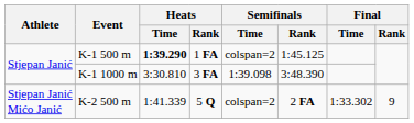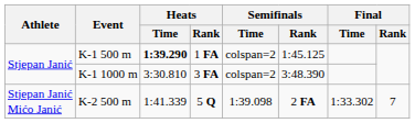 <table class=wikitable style="font-size:90%;">
 <tr>
 <th rowspan=2>Athlete</th>
 <th rowspan=2>Event</th>
 <th colspan=2>Heats</th>
 <th colspan=2>Semifinals</th>
 <th colspan=2>Final</th>
 </tr>
 <tr style="font-size:95%">
 <th>Time</th>
 <th>Rank</th>
 <th>Time</th>
 <th>Rank</th>
 <th>Time</th>
 <th>Rank</th>
 </tr>
 <tr align=center>
 <td align=left rowspan=2><a href='#'>Stjepan Janić</a></td>
 <td align=left>K-1 500 m</td>
 <td><strong>1:39.290</strong></td>
 <td>1 <strong>FA</strong></td>
 <td>colspan=2 </td>
 <td>1:45.125</td>
 <td></td>
 </tr>
 <tr align=center>
 <td align=left>K-1 1000 m</td>
 <td>3:30.810</td>
 <td>3 <strong>FA</strong></td>
-<td>1:39.098</td>
+<td>colspan=2 </td>
 <td>3:48.390</td>
 <td></td>
 </tr>
 <tr align=center>
 <td align=left><a href='#'>Stjepan Janić</a><br><a href='#'>Mićo Janić</a></td>
 <td align=left>K-2 500 m</td>
 <td>1:41.339</td>
 <td>5 <strong>Q</strong></td>
-<td>colspan=2 </td>
+<td>1:39.098</td>
 <td>2 <strong>FA</strong></td>
 <td>1:33.302</td>
-<td>9</td>
+<td>7</td>
 </tr>
 </table>
